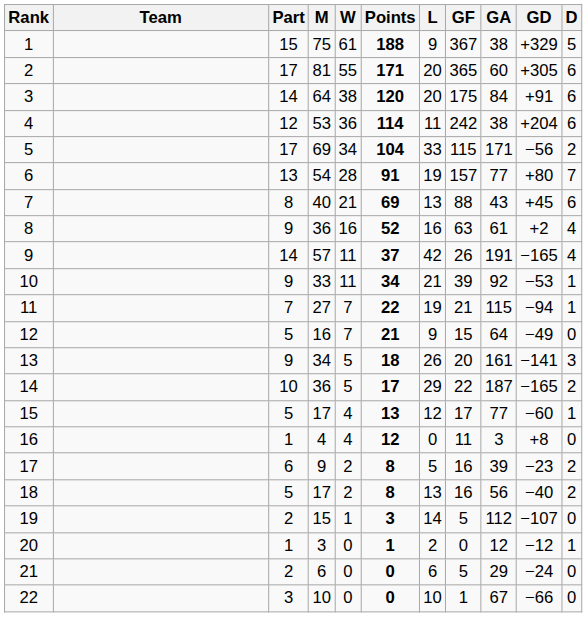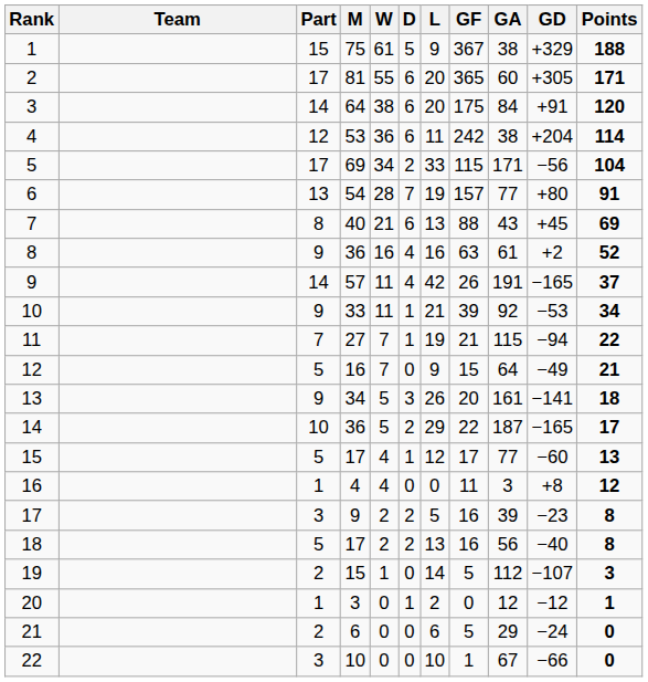 <table class="wikitable sortable" style="text-align:center">
 <tr>
 <th>Rank</th>
 <th width=200>Team</th>
 <th>Part</th>
 <th>M</th>
 <th>W</th>
-<th>Points</th>
+<th>D</th>
 <th>L</th>
 <th>GF</th>
 <th>GA</th>
 <th>GD</th>
-<th>D</th>
+<th>Points</th>
 </tr>
 <tr>
 <td>1</td>
 <td align=left></td>
 <td>15</td>
 <td>75</td>
 <td>61</td>
-<td><strong>188</strong></td>
+<td>5</td>
 <td>9</td>
 <td>367</td>
 <td>38</td>
 <td>+329</td>
-<td>5</td>
+<td><strong>188</strong></td>
 </tr>
 <tr>
 <td>2</td>
 <td align=left></td>
 <td>17</td>
 <td>81</td>
 <td>55</td>
-<td><strong>171</strong></td>
+<td>6</td>
 <td>20</td>
 <td>365</td>
 <td>60</td>
 <td>+305</td>
-<td>6</td>
+<td><strong>171</strong></td>
 </tr>
 <tr>
 <td>3</td>
 <td align=left></td>
 <td>14</td>
 <td>64</td>
 <td>38</td>
-<td><strong>120</strong></td>
+<td>6</td>
 <td>20</td>
 <td>175</td>
 <td>84</td>
 <td>+91</td>
-<td>6</td>
+<td><strong>120</strong></td>
 </tr>
 <tr>
 <td>4</td>
 <td align=left></td>
 <td>12</td>
 <td>53</td>
 <td>36</td>
-<td><strong>114</strong></td>
+<td>6</td>
 <td>11</td>
 <td>242</td>
 <td>38</td>
 <td>+204</td>
-<td>6</td>
+<td><strong>114</strong></td>
 </tr>
 <tr>
 <td>5</td>
 <td align=left></td>
 <td>17</td>
 <td>69</td>
 <td>34</td>
-<td><strong>104</strong></td>
+<td>2</td>
 <td>33</td>
 <td>115</td>
 <td>171</td>
 <td>−56</td>
-<td>2</td>
+<td><strong>104</strong></td>
 </tr>
 <tr>
 <td>6</td>
 <td align=left></td>
 <td>13</td>
 <td>54</td>
 <td>28</td>
-<td><strong>91</strong></td>
+<td>7</td>
 <td>19</td>
 <td>157</td>
 <td>77</td>
 <td>+80</td>
-<td>7</td>
+<td><strong>91</strong></td>
 </tr>
 <tr>
 <td>7</td>
 <td align=left></td>
 <td>8</td>
 <td>40</td>
 <td>21</td>
-<td><strong>69</strong></td>
+<td>6</td>
 <td>13</td>
 <td>88</td>
 <td>43</td>
 <td>+45</td>
-<td>6</td>
+<td><strong>69</strong></td>
 </tr>
 <tr>
 <td>8</td>
 <td align=left></td>
 <td>9</td>
 <td>36</td>
 <td>16</td>
-<td><strong>52</strong></td>
+<td>4</td>
 <td>16</td>
 <td>63</td>
 <td>61</td>
 <td>+2</td>
-<td>4</td>
+<td><strong>52</strong></td>
 </tr>
 <tr>
 <td>9</td>
 <td align=left></td>
 <td>14</td>
 <td>57</td>
 <td>11</td>
-<td><strong>37</strong></td>
+<td>4</td>
 <td>42</td>
 <td>26</td>
 <td>191</td>
 <td>−165</td>
-<td>4</td>
+<td><strong>37</strong></td>
 </tr>
 <tr>
 <td>10</td>
 <td align=left></td>
 <td>9</td>
 <td>33</td>
 <td>11</td>
-<td><strong>34</strong></td>
+<td>1</td>
 <td>21</td>
 <td>39</td>
 <td>92</td>
 <td>−53</td>
-<td>1</td>
+<td><strong>34</strong></td>
 </tr>
 <tr>
 <td>11</td>
 <td align=left></td>
 <td>7</td>
 <td>27</td>
 <td>7</td>
-<td><strong>22</strong></td>
+<td>1</td>
 <td>19</td>
 <td>21</td>
 <td>115</td>
 <td>−94</td>
-<td>1</td>
+<td><strong>22</strong></td>
 </tr>
 <tr>
 <td>12</td>
 <td align=left></td>
 <td>5</td>
 <td>16</td>
 <td>7</td>
-<td><strong>21</strong></td>
+<td>0</td>
 <td>9</td>
 <td>15</td>
 <td>64</td>
 <td>−49</td>
-<td>0</td>
+<td><strong>21</strong></td>
 </tr>
 <tr>
 <td>13</td>
 <td align=left></td>
 <td>9</td>
 <td>34</td>
 <td>5</td>
-<td><strong>18</strong></td>
+<td>3</td>
 <td>26</td>
 <td>20</td>
 <td>161</td>
 <td>−141</td>
-<td>3</td>
+<td><strong>18</strong></td>
 </tr>
 <tr>
 <td>14</td>
 <td align=left></td>
 <td>10</td>
 <td>36</td>
 <td>5</td>
-<td><strong>17</strong></td>
+<td>2</td>
 <td>29</td>
 <td>22</td>
 <td>187</td>
 <td>−165</td>
-<td>2</td>
+<td><strong>17</strong></td>
 </tr>
 <tr>
 <td>15</td>
 <td align=left></td>
 <td>5</td>
 <td>17</td>
 <td>4</td>
-<td><strong>13</strong></td>
+<td>1</td>
 <td>12</td>
 <td>17</td>
 <td>77</td>
 <td>−60</td>
-<td>1</td>
+<td><strong>13</strong></td>
 </tr>
 <tr>
 <td>16</td>
 <td align=left></td>
 <td>1</td>
 <td>4</td>
 <td>4</td>
-<td><strong>12</strong></td>
+<td>0</td>
 <td>0</td>
 <td>11</td>
 <td>3</td>
 <td>+8</td>
-<td>0</td>
+<td><strong>12</strong></td>
 </tr>
 <tr>
 <td>17</td>
 <td align=left></td>
-<td>6</td>
+<td>3</td>
 <td>9</td>
 <td>2</td>
-<td><strong>8</strong></td>
+<td>2</td>
 <td>5</td>
 <td>16</td>
 <td>39</td>
 <td>−23</td>
-<td>2</td>
+<td><strong>8</strong></td>
 </tr>
 <tr>
 <td>18</td>
 <td align=left></td>
 <td>5</td>
 <td>17</td>
 <td>2</td>
-<td><strong>8</strong></td>
+<td>2</td>
 <td>13</td>
 <td>16</td>
 <td>56</td>
 <td>−40</td>
-<td>2</td>
+<td><strong>8</strong></td>
 </tr>
 <tr>
 <td>19</td>
 <td align=left></td>
 <td>2</td>
 <td>15</td>
 <td>1</td>
-<td><strong>3</strong></td>
+<td>0</td>
 <td>14</td>
 <td>5</td>
 <td>112</td>
 <td>−107</td>
-<td>0</td>
+<td><strong>3</strong></td>
 </tr>
 <tr>
 <td>20</td>
 <td align=left></td>
 <td>1</td>
 <td>3</td>
 <td>0</td>
-<td><strong>1</strong></td>
+<td>1</td>
 <td>2</td>
 <td>0</td>
 <td>12</td>
 <td>−12</td>
-<td>1</td>
+<td><strong>1</strong></td>
 </tr>
 <tr>
 <td>21</td>
 <td align=left></td>
 <td>2</td>
 <td>6</td>
 <td>0</td>
-<td><strong>0</strong></td>
+<td>0</td>
 <td>6</td>
 <td>5</td>
 <td>29</td>
 <td>−24</td>
-<td>0</td>
+<td><strong>0</strong></td>
 </tr>
 <tr>
 <td>22</td>
 <td align=left></td>
 <td>3</td>
 <td>10</td>
 <td>0</td>
-<td><strong>0</strong></td>
+<td>0</td>
 <td>10</td>
 <td>1</td>
 <td>67</td>
 <td>−66</td>
-<td>0</td>
+<td><strong>0</strong></td>
 </tr>
 </table>
